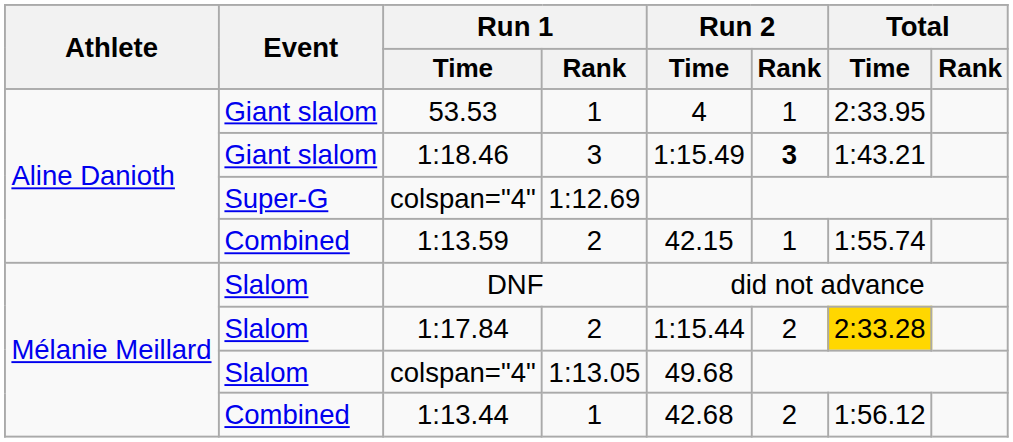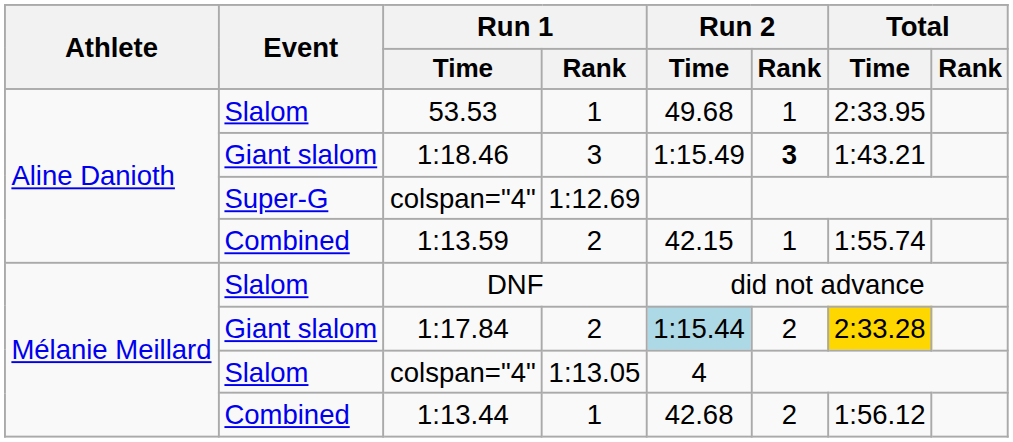 <table class="wikitable" style="font-size:90%">
 <tr>
 <th rowspan=2>Athlete</th>
 <th rowspan=2>Event</th>
 <th colspan=2>Run 1</th>
 <th colspan=2>Run 2</th>
 <th colspan=2>Total</th>
 </tr>
 <tr style="font-size:95%">
 <th>Time</th>
 <th>Rank</th>
 <th>Time</th>
 <th>Rank</th>
 <th>Time</th>
 <th>Rank</th>
 </tr>
 <tr align=center>
 <td align="left" rowspan="4"><a href='#'>Aline Danioth</a></td>
-<td align="left"><a href='#'>Giant slalom</a></td>
+<td align="left"><a href='#'>Slalom</a></td>
 <td>53.53</td>
 <td>1</td>
-<td>4</td>
+<td>49.68</td>
 <td>1</td>
 <td>2:33.95</td>
 <td></td>
 </tr>
 <tr align=center>
 <td align="left"><a href='#'>Giant slalom</a></td>
 <td>1:18.46</td>
 <td>3</td>
 <td>1:15.49</td>
 <td><strong>3</strong></td>
 <td>1:43.21</td>
 <td></td>
 </tr>
 <tr align=center>
 <td align="left"><a href='#'>Super-G</a></td>
 <td>colspan="4" </td>
 <td>1:12.69</td>
 <td></td>
 </tr>
 <tr align=center>
 <td align="left"><a href='#'>Combined</a></td>
 <td>1:13.59</td>
 <td>2</td>
 <td>42.15</td>
 <td>1</td>
 <td>1:55.74</td>
 <td></td>
 </tr>
 <tr align=center>
 <td align="left" rowspan="4"><a href='#'>Mélanie Meillard</a></td>
 <td align="left"><a href='#'>Slalom</a></td>
 <td colspan=2>DNF</td>
 <td colspan=4>did not advance</td>
 </tr>
 <tr align=center>
-<td align="left"><a href='#'>Slalom</a></td>
+<td align="left"><a href='#'>Giant slalom</a></td>
 <td>1:17.84</td>
 <td>2</td>
-<td>1:15.44</td>
+<td style="background: lightblue;">1:15.44</td>
 <td>2</td>
 <td style="background: gold;">2:33.28</td>
 <td></td>
 </tr>
 <tr align=center>
 <td align="left"><a href='#'>Slalom</a></td>
 <td>colspan="4" </td>
 <td>1:13.05</td>
-<td>49.68</td>
+<td>4</td>
 </tr>
 <tr align=center>
 <td align="left"><a href='#'>Combined</a></td>
 <td>1:13.44</td>
 <td>1</td>
 <td>42.68</td>
 <td>2</td>
 <td>1:56.12</td>
 <td></td>
 </tr>
 </table>
